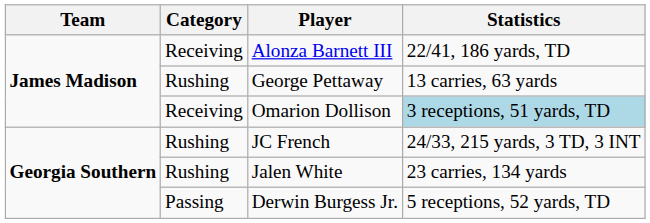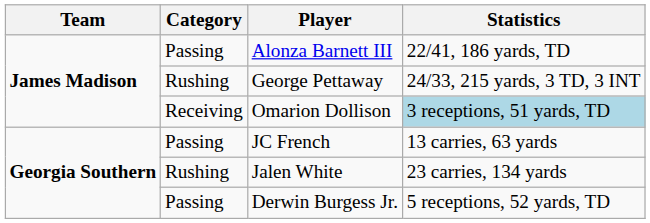 <table class="wikitable" style="float: right;">
 <tr>
 <th>Team</th>
 <th>Category</th>
 <th>Player</th>
 <th>Statistics</th>
 </tr>
 <tr>
 <td rowspan=3><strong>James Madison</strong></td>
-<td>Receiving</td>
+<td>Passing</td>
 <td><a href='#'>Alonza Barnett III</a></td>
 <td>22/41, 186 yards, TD</td>
 </tr>
 <tr>
 <td>Rushing</td>
 <td>George Pettaway</td>
-<td>13 carries, 63 yards</td>
+<td>24/33, 215 yards, 3 TD, 3 INT</td>
 </tr>
 <tr>
 <td>Receiving</td>
 <td>Omarion Dollison</td>
 <td style="background: lightblue;">3 receptions, 51 yards, TD</td>
 </tr>
 <tr>
 <td rowspan=3><strong>Georgia Southern</strong></td>
-<td>Rushing</td>
+<td>Passing</td>
 <td>JC French</td>
-<td>24/33, 215 yards, 3 TD, 3 INT</td>
+<td>13 carries, 63 yards</td>
 </tr>
 <tr>
 <td>Rushing</td>
 <td>Jalen White</td>
 <td>23 carries, 134 yards</td>
 </tr>
 <tr>
 <td>Passing</td>
 <td>Derwin Burgess Jr.</td>
 <td>5 receptions, 52 yards, TD</td>
 </tr>
 </table>
